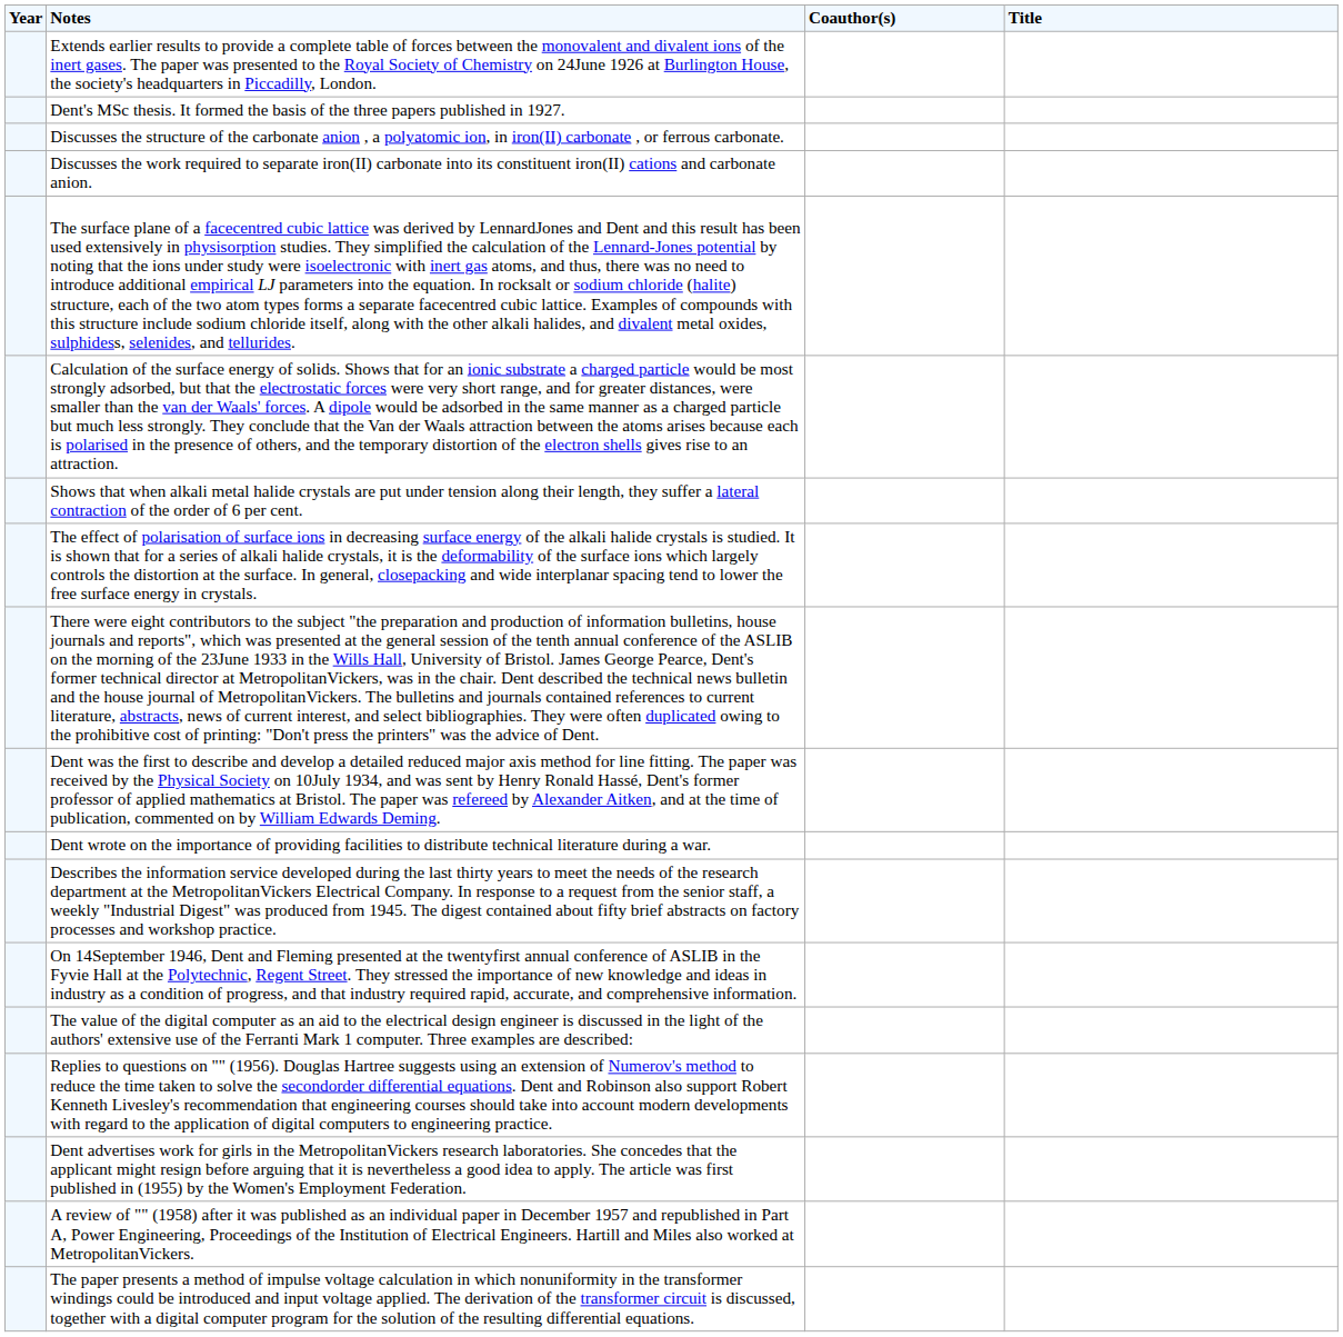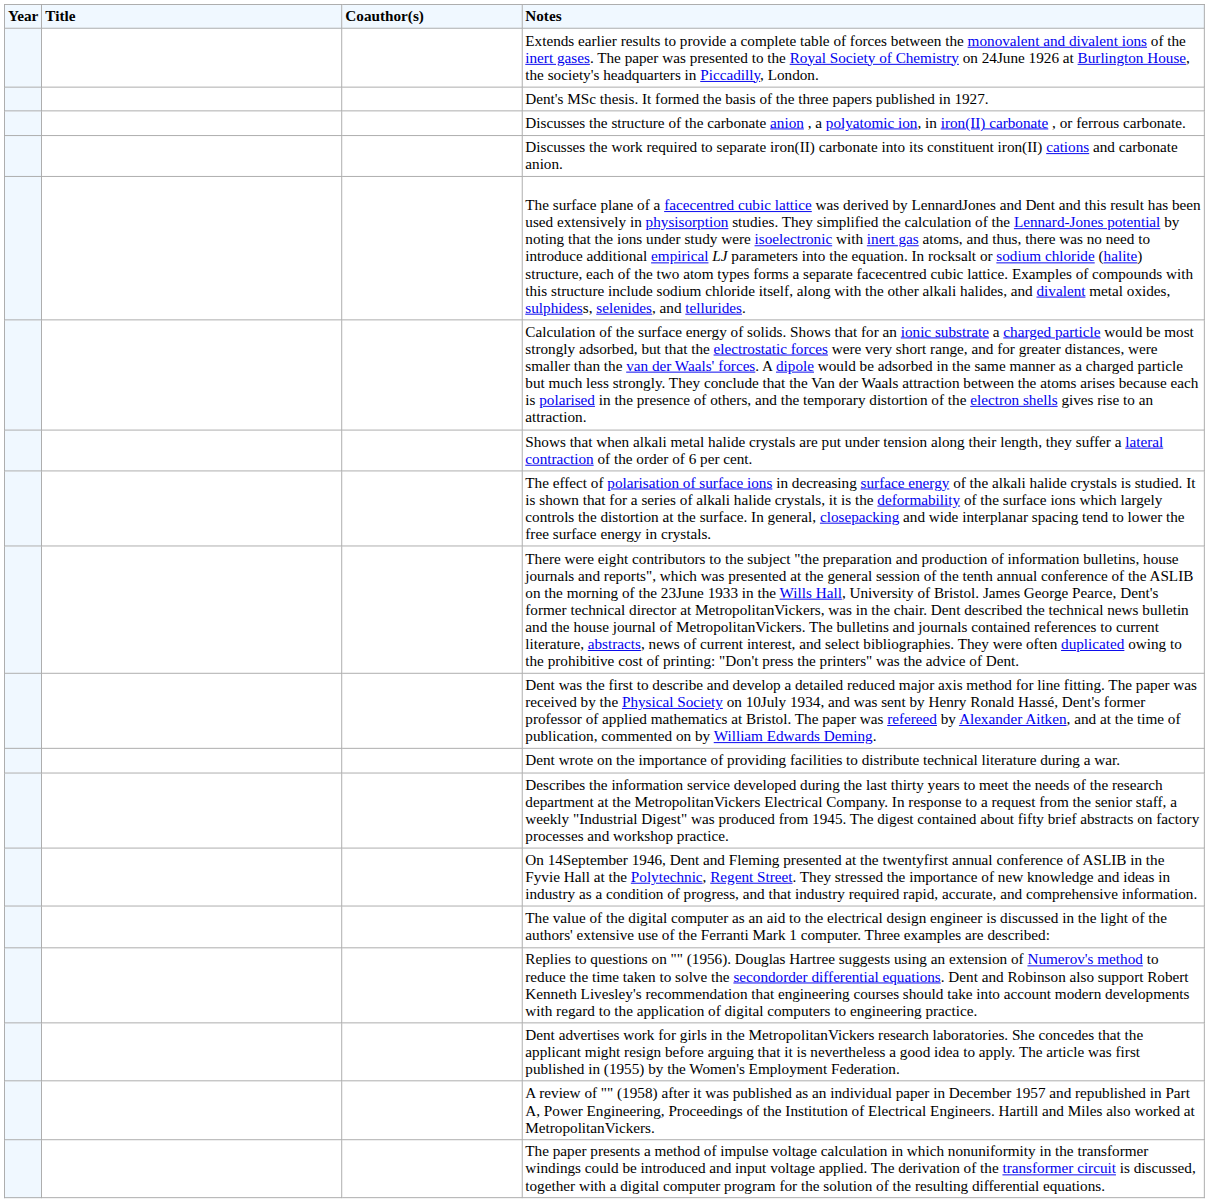 <table class="wikitable plainrowheaders sortable mw-collapsible" style="margin-right: 0; background-color: White; color: Black">
 <tr style="vertical-align: top">
 <th scope="col" style="text-align: left; background-color: AliceBlue; color: Black">Year</th>
+<th scope="col" style="text-align: left; background-color: AliceBlue; color: Black; width: 25%">Title</th>
+<th scope="col" style="text-align: left; background-color: AliceBlue; color: Black; width: 15%">Coauthor(s)</th>
 <th scope="col" style="text-align: left; background-color: AliceBlue; color: Black" class="unsortable">Notes</th>
-<th scope="col" style="text-align: left; background-color: AliceBlue; color: Black; width: 15%">Coauthor(s)</th>
-<th scope="col" style="text-align: left; background-color: AliceBlue; color: Black; width: 25%">Title</th>
 </tr>
 <tr style="vertical-align: top">
 <td style="background-color: AliceBlue; color: Black"> </td>
-<td>Extends earlier results to provide a complete table of forces between the <a href='#'>monovalent and divalent ions</a> of the <a href='#'>inert gases</a>. The paper was presented to the <a href='#'>Royal Society of Chemistry</a> on 24June 1926 at <a href='#'>Burlington House</a>, the society's headquarters in <a href='#'>Piccadilly</a>, London.</td>
 <td></td>
 <td></td>
+<td>Extends earlier results to provide a complete table of forces between the <a href='#'>monovalent and divalent ions</a> of the <a href='#'>inert gases</a>. The paper was presented to the <a href='#'>Royal Society of Chemistry</a> on 24June 1926 at <a href='#'>Burlington House</a>, the society's headquarters in <a href='#'>Piccadilly</a>, London.</td>
 </tr>
 <tr style="vertical-align: top">
 <td style="background-color: AliceBlue; color: Black"> </td>
-<td>Dent's MSc thesis. It formed the basis of the three papers published in 1927.</td>
 <td></td>
 <td></td>
+<td>Dent's MSc thesis. It formed the basis of the three papers published in 1927.</td>
 </tr>
 <tr style="vertical-align: top">
 <td style="background-color: AliceBlue; color: Black"> </td>
-<td>Discusses the structure of the carbonate <a href='#'>anion</a> , a <a href='#'>polyatomic ion</a>, in <a href='#'>iron(II) carbonate</a> , or ferrous carbonate.</td>
 <td></td>
 <td></td>
+<td>Discusses the structure of the carbonate <a href='#'>anion</a> , a <a href='#'>polyatomic ion</a>, in <a href='#'>iron(II) carbonate</a> , or ferrous carbonate.</td>
 </tr>
 <tr style="vertical-align: top">
 <td style="background-color: AliceBlue; color: Black"> </td>
-<td>Discusses the work required to separate iron(II) carbonate into its constituent iron(II) <a href='#'>cations</a>  and carbonate anion.</td>
 <td></td>
 <td></td>
+<td>Discusses the work required to separate iron(II) carbonate into its constituent iron(II) <a href='#'>cations</a>  and carbonate anion.</td>
 </tr>
 <tr style="vertical-align: top">
 <td style="background-color: AliceBlue; color: Black"> </td>
-<td><br>The surface plane of a <a href='#'>facecentred cubic lattice</a> was derived by LennardJones and Dent and this result has been used extensively in <a href='#'>physisorption</a> studies. They simplified the calculation of the <a href='#'>Lennard-Jones potential</a> by noting that the ions under study were <a href='#'>isoelectronic</a> with <a href='#'>inert gas</a> atoms, and thus, there was no need to introduce additional <a href='#'>empirical</a> <em>LJ</em> parameters into the equation. In rocksalt or <a href='#'>sodium chloride</a> (<a href='#'>halite</a>) structure, each of the two atom types forms a separate facecentred cubic lattice. Examples of compounds with this structure include sodium chloride itself, along with the other alkali halides, and <a href='#'>divalent</a> metal oxides, <a href='#'>sulphides</a>s, <a href='#'>selenides</a>, and <a href='#'>tellurides</a>.</td>
 <td></td>
 <td></td>
+<td><br>The surface plane of a <a href='#'>facecentred cubic lattice</a> was derived by LennardJones and Dent and this result has been used extensively in <a href='#'>physisorption</a> studies. They simplified the calculation of the <a href='#'>Lennard-Jones potential</a> by noting that the ions under study were <a href='#'>isoelectronic</a> with <a href='#'>inert gas</a> atoms, and thus, there was no need to introduce additional <a href='#'>empirical</a> <em>LJ</em> parameters into the equation. In rocksalt or <a href='#'>sodium chloride</a> (<a href='#'>halite</a>) structure, each of the two atom types forms a separate facecentred cubic lattice. Examples of compounds with this structure include sodium chloride itself, along with the other alkali halides, and <a href='#'>divalent</a> metal oxides, <a href='#'>sulphides</a>s, <a href='#'>selenides</a>, and <a href='#'>tellurides</a>.</td>
 </tr>
 <tr style="vertical-align: top">
 <td style="background-color: AliceBlue; color: Black"> </td>
-<td>Calculation of the surface energy of solids. Shows that for an <a href='#'>ionic substrate</a> a <a href='#'>charged particle</a> would be most strongly adsorbed, but that the <a href='#'>electrostatic forces</a> were very short range, and for greater distances, were smaller than the <a href='#'>van der Waals' forces</a>. A <a href='#'>dipole</a> would be adsorbed in the same manner as a charged particle but much less strongly. They conclude that the Van der Waals attraction between the atoms arises because each is <a href='#'>polarised</a> in the presence of others, and the temporary distortion of the <a href='#'>electron shells</a> gives rise to an attraction.</td>
 <td></td>
 <td></td>
+<td>Calculation of the surface energy of solids. Shows that for an <a href='#'>ionic substrate</a> a <a href='#'>charged particle</a> would be most strongly adsorbed, but that the <a href='#'>electrostatic forces</a> were very short range, and for greater distances, were smaller than the <a href='#'>van der Waals' forces</a>. A <a href='#'>dipole</a> would be adsorbed in the same manner as a charged particle but much less strongly. They conclude that the Van der Waals attraction between the atoms arises because each is <a href='#'>polarised</a> in the presence of others, and the temporary distortion of the <a href='#'>electron shells</a> gives rise to an attraction.</td>
 </tr>
 <tr style="vertical-align: top">
 <td style="background-color: AliceBlue; color: Black"> </td>
-<td>Shows that when alkali metal halide crystals are put under tension along their length, they suffer a <a href='#'>lateral contraction</a> of the order of 6 per cent.</td>
 <td></td>
 <td></td>
+<td>Shows that when alkali metal halide crystals are put under tension along their length, they suffer a <a href='#'>lateral contraction</a> of the order of 6 per cent.</td>
 </tr>
 <tr style="vertical-align: top">
 <td style="background-color: AliceBlue; color: Black"> </td>
-<td>The effect of <a href='#'>polarisation of surface ions</a> in decreasing <a href='#'>surface energy</a> of the alkali halide crystals is studied. It is shown that for a series of alkali halide crystals, it is the <a href='#'>deformability</a> of the surface ions which largely controls the distortion at the surface. In general, <a href='#'>closepacking</a> and wide interplanar spacing tend to lower the free surface energy in crystals.</td>
 <td></td>
 <td></td>
+<td>The effect of <a href='#'>polarisation of surface ions</a> in decreasing <a href='#'>surface energy</a> of the alkali halide crystals is studied. It is shown that for a series of alkali halide crystals, it is the <a href='#'>deformability</a> of the surface ions which largely controls the distortion at the surface. In general, <a href='#'>closepacking</a> and wide interplanar spacing tend to lower the free surface energy in crystals.</td>
 </tr>
 <tr style="vertical-align: top">
 <td style="background-color: AliceBlue; color: Black"> </td>
-<td>There were eight contributors to the subject "the preparation and production of information bulletins, house journals and reports", which was presented at the general session of the tenth annual conference of the ASLIB on the morning of the 23June 1933 in the <a href='#'>Wills Hall</a>, University of Bristol. James George Pearce, Dent's former technical director at MetropolitanVickers, was in the chair. Dent described the technical news bulletin and the house journal of MetropolitanVickers. The bulletins and journals contained references to current literature, <a href='#'>abstracts</a>, news of current interest, and select bibliographies. They were often <a href='#'>duplicated</a> owing to the prohibitive cost of printing: "Don't press the printers" was the advice of Dent.</td>
 <td></td>
 <td></td>
+<td>There were eight contributors to the subject "the preparation and production of information bulletins, house journals and reports", which was presented at the general session of the tenth annual conference of the ASLIB on the morning of the 23June 1933 in the <a href='#'>Wills Hall</a>, University of Bristol. James George Pearce, Dent's former technical director at MetropolitanVickers, was in the chair. Dent described the technical news bulletin and the house journal of MetropolitanVickers. The bulletins and journals contained references to current literature, <a href='#'>abstracts</a>, news of current interest, and select bibliographies. They were often <a href='#'>duplicated</a> owing to the prohibitive cost of printing: "Don't press the printers" was the advice of Dent.</td>
 </tr>
 <tr style="vertical-align: top">
 <td style="background-color: AliceBlue; color: Black"> </td>
-<td>Dent was the first to describe and develop a detailed reduced major axis method for line fitting. The paper was received by the <a href='#'>Physical Society</a> on 10July 1934, and was sent by Henry Ronald Hassé, Dent's former professor of applied mathematics at Bristol. The paper was <a href='#'>refereed</a> by <a href='#'>Alexander Aitken</a>, and at the time of publication, commented on by <a href='#'>William Edwards Deming</a>.</td>
 <td></td>
 <td></td>
+<td>Dent was the first to describe and develop a detailed reduced major axis method for line fitting. The paper was received by the <a href='#'>Physical Society</a> on 10July 1934, and was sent by Henry Ronald Hassé, Dent's former professor of applied mathematics at Bristol. The paper was <a href='#'>refereed</a> by <a href='#'>Alexander Aitken</a>, and at the time of publication, commented on by <a href='#'>William Edwards Deming</a>.</td>
 </tr>
 <tr style="vertical-align: top">
 <td style="background-color: AliceBlue; color: Black"> </td>
-<td>Dent wrote on the importance of providing facilities to distribute technical literature during a war.</td>
 <td></td>
 <td></td>
+<td>Dent wrote on the importance of providing facilities to distribute technical literature during a war.</td>
 </tr>
 <tr style="vertical-align: top">
 <td style="background-color: AliceBlue; color: Black"> </td>
-<td>Describes the information service developed during the last thirty years to meet the needs of the research department at the MetropolitanVickers Electrical Company. In response to a request from the senior staff, a weekly "Industrial Digest" was produced from 1945. The digest contained about fifty brief abstracts on factory processes and workshop practice.</td>
 <td></td>
 <td></td>
+<td>Describes the information service developed during the last thirty years to meet the needs of the research department at the MetropolitanVickers Electrical Company. In response to a request from the senior staff, a weekly "Industrial Digest" was produced from 1945. The digest contained about fifty brief abstracts on factory processes and workshop practice.</td>
 </tr>
 <tr style="vertical-align: top">
 <td style="background-color: AliceBlue; color: Black"> </td>
-<td> On 14September 1946, Dent and Fleming presented at the twentyfirst annual conference of ASLIB in the Fyvie Hall at the <a href='#'>Polytechnic</a>, <a href='#'>Regent Street</a>. They stressed the importance of new knowledge and ideas in industry as a condition of progress, and that industry required rapid, accurate, and comprehensive information.</td>
 <td></td>
 <td></td>
+<td> On 14September 1946, Dent and Fleming presented at the twentyfirst annual conference of ASLIB in the Fyvie Hall at the <a href='#'>Polytechnic</a>, <a href='#'>Regent Street</a>. They stressed the importance of new knowledge and ideas in industry as a condition of progress, and that industry required rapid, accurate, and comprehensive information.</td>
 </tr>
 <tr style="vertical-align: top">
 <td style="background-color: AliceBlue; color: Black"> </td>
-<td>The value of the digital computer as an aid to the electrical design engineer is discussed in the light of the authors' extensive use of the Ferranti Mark 1 computer. Three examples are described:<br></td>
 <td></td>
 <td></td>
+<td>The value of the digital computer as an aid to the electrical design engineer is discussed in the light of the authors' extensive use of the Ferranti Mark 1 computer. Three examples are described:<br></td>
 </tr>
 <tr style="vertical-align: top">
 <td style="background-color: AliceBlue; color: Black"> </td>
-<td>Replies to questions on "" (1956). Douglas Hartree suggests using an extension of <a href='#'>Numerov's method</a> to reduce the time taken to solve the <a href='#'>secondorder differential equations</a>. Dent and Robinson also support Robert Kenneth Livesley's recommendation that engineering courses should take into account modern developments with regard to the application of digital computers to engineering practice.</td>
 <td></td>
 <td></td>
+<td>Replies to questions on "" (1956). Douglas Hartree suggests using an extension of <a href='#'>Numerov's method</a> to reduce the time taken to solve the <a href='#'>secondorder differential equations</a>. Dent and Robinson also support Robert Kenneth Livesley's recommendation that engineering courses should take into account modern developments with regard to the application of digital computers to engineering practice.</td>
 </tr>
 <tr style="vertical-align: top">
 <td style="background-color: AliceBlue; color: Black"> </td>
-<td>Dent advertises work for girls in the MetropolitanVickers research laboratories. She concedes that the applicant might resign before arguing that it is nevertheless a good idea to apply. The article was first published in <em></em> (1955) by the Women's Employment Federation.</td>
 <td></td>
 <td></td>
+<td>Dent advertises work for girls in the MetropolitanVickers research laboratories. She concedes that the applicant might resign before arguing that it is nevertheless a good idea to apply. The article was first published in <em></em> (1955) by the Women's Employment Federation.</td>
 </tr>
 <tr style="vertical-align: top">
 <td style="background-color: AliceBlue; color: Black"> </td>
-<td>A review of "" (1958) after it was published as an individual paper in December 1957 and republished in Part A, Power Engineering, Proceedings of the Institution of Electrical Engineers. Hartill and Miles also worked at MetropolitanVickers.</td>
 <td></td>
 <td></td>
+<td>A review of "" (1958) after it was published as an individual paper in December 1957 and republished in Part A, Power Engineering, Proceedings of the Institution of Electrical Engineers. Hartill and Miles also worked at MetropolitanVickers.</td>
 </tr>
 <tr style="vertical-align: top">
 <td style="background-color: AliceBlue; color: Black"> </td>
-<td>The paper presents a method of impulse voltage calculation in which nonuniformity in the transformer windings could be introduced and input voltage applied. The derivation of the <a href='#'>transformer circuit</a> is discussed, together with a digital computer program for the solution of the resulting differential equations.</td>
 <td></td>
 <td></td>
+<td>The paper presents a method of impulse voltage calculation in which nonuniformity in the transformer windings could be introduced and input voltage applied. The derivation of the <a href='#'>transformer circuit</a> is discussed, together with a digital computer program for the solution of the resulting differential equations.</td>
 </tr>
 </table>
